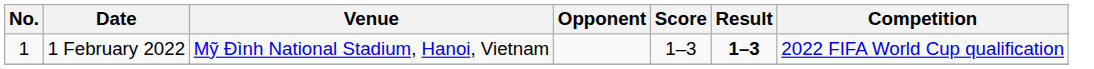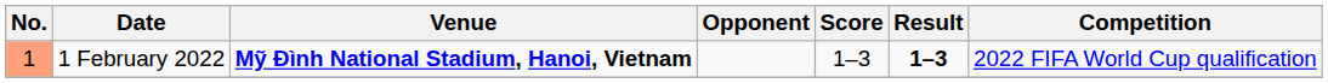 <table class="wikitable sortable">
 <tr>
 <th scope="col">No.</th>
 <th scope="col">Date</th>
 <th scope="col">Venue</th>
 <th scope="col">Opponent</th>
 <th scope="col">Score</th>
 <th scope="col">Result</th>
 <th scope="col">Competition</th>
 </tr>
 <tr>
-<td style="text-align:center">1</td>
+<td style="background: lightsalmon; text-align:center">1</td>
 <td>1 February 2022</td>
-<td><a href='#'>Mỹ Đình National Stadium</a>, <a href='#'>Hanoi</a>, Vietnam</td>
+<td><strong><a href='#'>Mỹ Đình National Stadium</a>, <a href='#'>Hanoi</a>, Vietnam</strong></td>
 <td></td>
 <td style="text-align:center">1–3</td>
 <td style="text-align:center"><strong>1–3</strong></td>
 <td><a href='#'>2022 FIFA World Cup qualification</a></td>
 </tr>
 <tr>
 </tr>
 </table>
